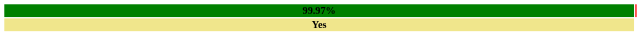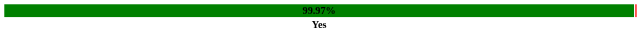 <table style="width:50%; text-align:center;">
 <tr style="color:black;">
 <td style="background:green; width:99.97%;"><strong>99.97%</strong></td>
 <td style="background:red; width:0.03%;"></td>
 </tr>
 <tr>
-<td style="background: khaki;"><span><strong>Yes</strong></span></td>
+<td><span><strong>Yes</strong></span></td>
 </tr>
 </table>
